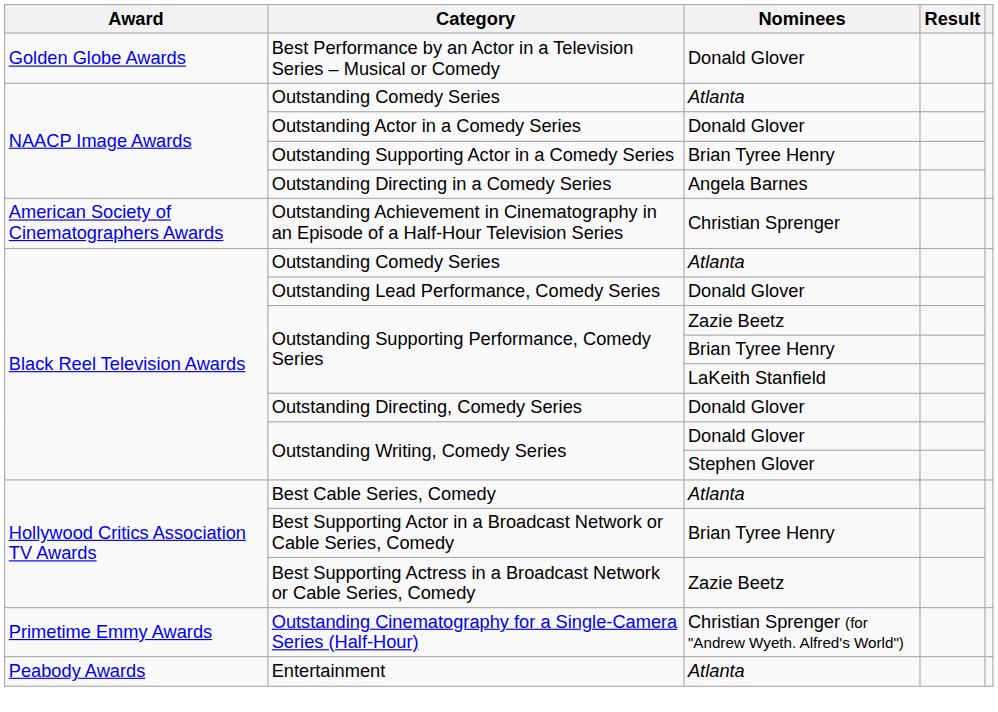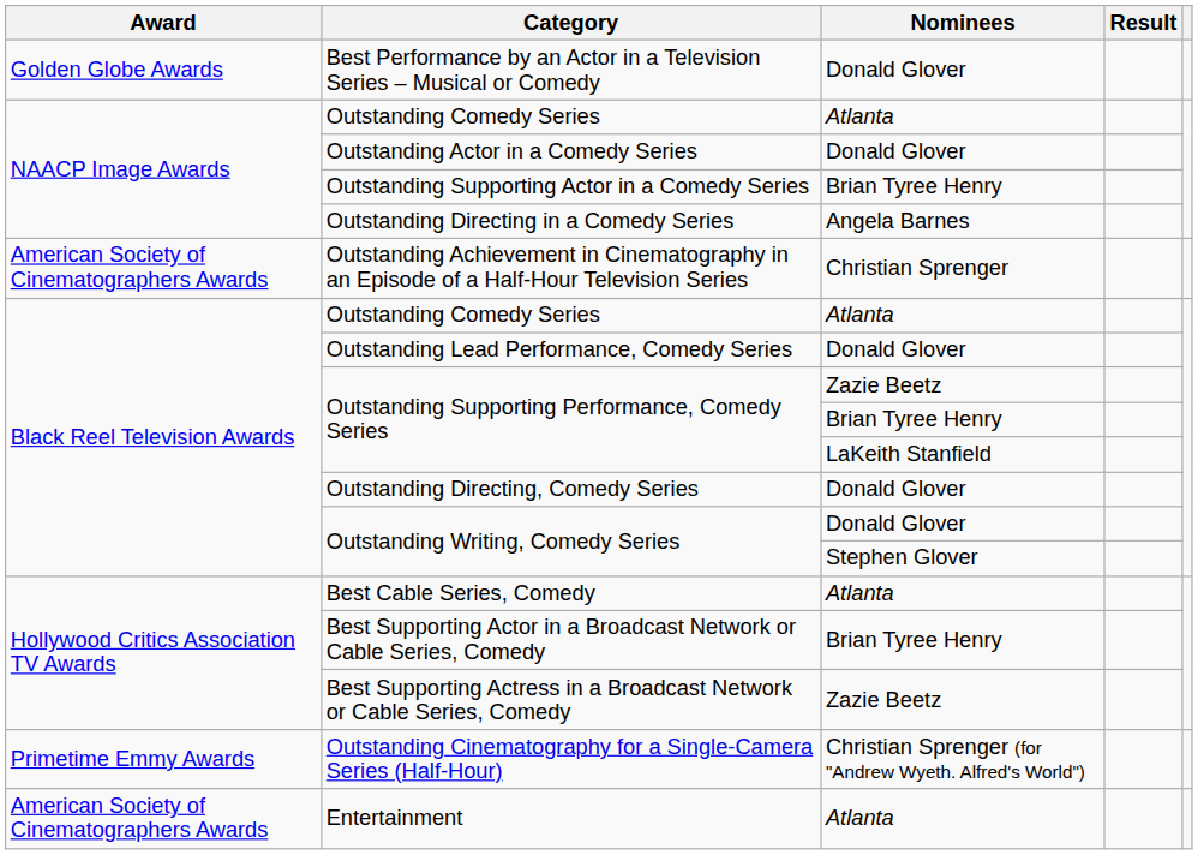 <table class="wikitable sortable">
 <tr>
 <th>Award</th>
 <th>Category</th>
 <th>Nominees</th>
 <th>Result</th>
 <th></th>
 </tr>
 <tr>
 <td><a href='#'>Golden Globe Awards</a></td>
 <td>Best Performance by an Actor in a Television Series – Musical or Comedy</td>
 <td>Donald Glover</td>
 <td></td>
 <td style="text-align:center;"></td>
 </tr>
 <tr>
 <td rowspan="4"><a href='#'>NAACP Image Awards</a></td>
 <td>Outstanding Comedy Series</td>
 <td><em>Atlanta</em></td>
 <td></td>
 <td rowspan="4" style="text-align:center;"></td>
 </tr>
 <tr>
 <td>Outstanding Actor in a Comedy Series</td>
 <td>Donald Glover</td>
 <td></td>
 </tr>
 <tr>
 <td>Outstanding Supporting Actor in a Comedy Series</td>
 <td>Brian Tyree Henry</td>
 <td></td>
 </tr>
 <tr>
 <td>Outstanding Directing in a Comedy Series</td>
 <td>Angela Barnes</td>
 <td></td>
 </tr>
 <tr>
 <td><a href='#'>American Society of Cinematographers Awards</a></td>
 <td>Outstanding Achievement in Cinematography in an Episode of a Half-Hour Television Series</td>
 <td>Christian Sprenger </td>
 <td></td>
 <td align="center"></td>
 </tr>
 <tr>
 <td rowspan="8"><a href='#'>Black Reel Television Awards</a></td>
 <td>Outstanding Comedy Series</td>
 <td><em>Atlanta</em></td>
 <td></td>
 <td align="center" rowspan="8"></td>
 </tr>
 <tr>
 <td>Outstanding Lead Performance, Comedy Series</td>
 <td>Donald Glover</td>
 <td></td>
 </tr>
 <tr>
 <td rowspan="3">Outstanding Supporting Performance, Comedy Series</td>
 <td>Zazie Beetz</td>
 <td></td>
 </tr>
 <tr>
 <td>Brian Tyree Henry</td>
 <td></td>
 </tr>
 <tr>
 <td>LaKeith Stanfield</td>
 <td></td>
 </tr>
 <tr>
 <td>Outstanding Directing, Comedy Series</td>
 <td>Donald Glover </td>
 <td></td>
 </tr>
 <tr>
 <td rowspan="2">Outstanding Writing, Comedy Series</td>
 <td>Donald Glover </td>
 <td></td>
 </tr>
 <tr>
 <td>Stephen Glover </td>
 <td></td>
 </tr>
 <tr>
 <td rowspan="3"><a href='#'>Hollywood Critics Association TV Awards</a></td>
 <td>Best Cable Series, Comedy</td>
 <td><em>Atlanta</em></td>
 <td></td>
 <td rowspan="3" align="center"></td>
 </tr>
 <tr>
 <td>Best Supporting Actor in a Broadcast Network or Cable Series, Comedy</td>
 <td>Brian Tyree Henry</td>
 <td></td>
 </tr>
 <tr>
 <td>Best Supporting Actress in a Broadcast Network or Cable Series, Comedy</td>
 <td>Zazie Beetz</td>
 <td></td>
 </tr>
 <tr>
 <td><a href='#'>Primetime Emmy Awards</a></td>
 <td><a href='#'>Outstanding Cinematography for a Single-Camera Series (Half-Hour)</a></td>
 <td>Christian Sprenger <small>(for "Andrew Wyeth. Alfred's World")</small></td>
 <td></td>
 <td align="center"></td>
 </tr>
 <tr>
-<td><a href='#'>Peabody Awards</a></td>
+<td><a href='#'>American Society of Cinematographers Awards</a></td>
 <td>Entertainment</td>
 <td><em>Atlanta</em></td>
 <td></td>
 <td align="center"></td>
 </tr>
 </table>
